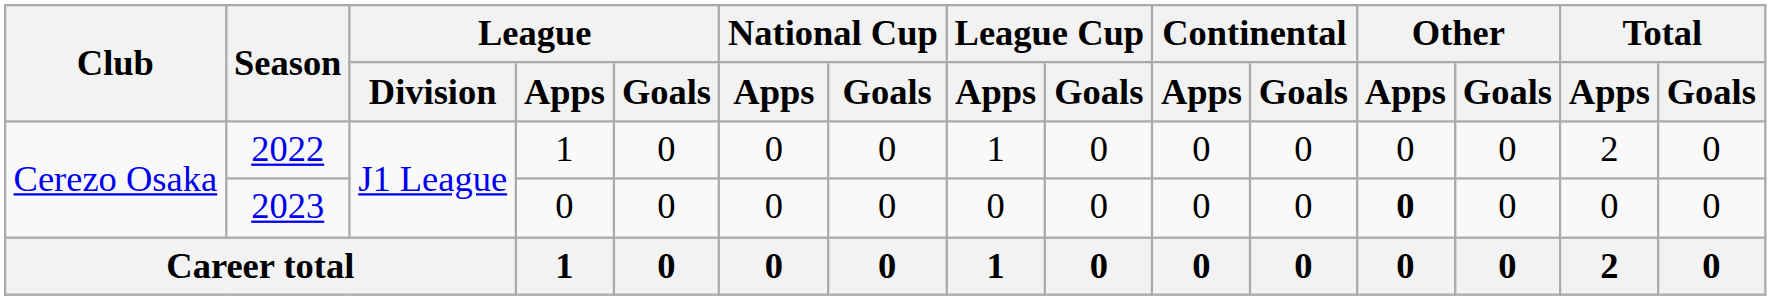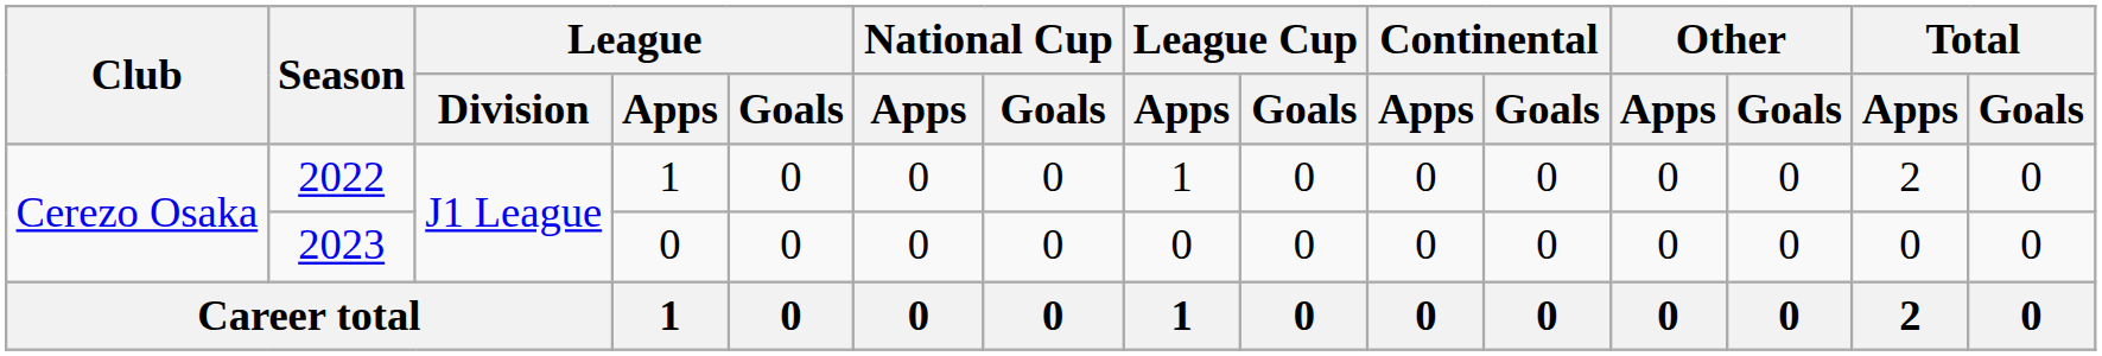 <table class="wikitable" style="text-align: center">
 <tr>
 <th rowspan="2">Club</th>
 <th rowspan="2">Season</th>
 <th colspan="3">League</th>
 <th colspan="2">National Cup</th>
 <th colspan="2">League Cup</th>
 <th colspan="2">Continental</th>
 <th colspan="2">Other</th>
 <th colspan="2">Total</th>
 </tr>
 <tr>
 <th>Division</th>
 <th>Apps</th>
 <th>Goals</th>
 <th>Apps</th>
 <th>Goals</th>
 <th>Apps</th>
 <th>Goals</th>
 <th>Apps</th>
 <th>Goals</th>
 <th>Apps</th>
 <th>Goals</th>
 <th>Apps</th>
 <th>Goals</th>
 </tr>
 <tr>
 <td rowspan="2"><a href='#'>Cerezo Osaka</a></td>
 <td><a href='#'>2022</a></td>
 <td rowspan="2"><a href='#'>J1 League</a></td>
 <td>1</td>
 <td>0</td>
 <td>0</td>
 <td>0</td>
 <td>1</td>
 <td>0</td>
 <td>0</td>
 <td>0</td>
 <td>0</td>
 <td>0</td>
 <td>2</td>
 <td>0</td>
 </tr>
 <tr>
 <td><a href='#'>2023</a></td>
 <td>0</td>
 <td>0</td>
 <td>0</td>
 <td>0</td>
 <td>0</td>
 <td>0</td>
 <td>0</td>
 <td>0</td>
-<td><strong>0</strong></td>
+<td>0</td>
 <td>0</td>
 <td>0</td>
 <td>0</td>
 </tr>
 <tr>
 <th colspan=3>Career total</th>
 <th>1</th>
 <th>0</th>
 <th>0</th>
 <th>0</th>
 <th>1</th>
 <th>0</th>
 <th>0</th>
 <th>0</th>
 <th>0</th>
 <th>0</th>
 <th>2</th>
 <th>0</th>
 </tr>
 </table>
